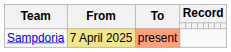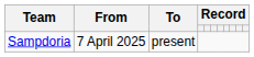 <table class="wikitable" style="text-align:center">
 <tr>
 <th rowspan="2">Team</th>
 <th rowspan="2">From</th>
 <th rowspan="2">To</th>
 <th colspan="8">Record</th>
 </tr>
 <tr>
 <th></th>
 <th></th>
 <th></th>
 <th></th>
 <th></th>
 <th></th>
 <th></th>
 <th></th>
 </tr>
 <tr>
 <td align=left><a href='#'>Sampdoria</a></td>
-<td align=left style="background: khaki;">7 April 2025</td>
-<td align=left style="background: lightsalmon;">present<br></td>
+<td align=left>7 April 2025</td>
+<td align=left>present<br></td>
 </tr>
 </table>
